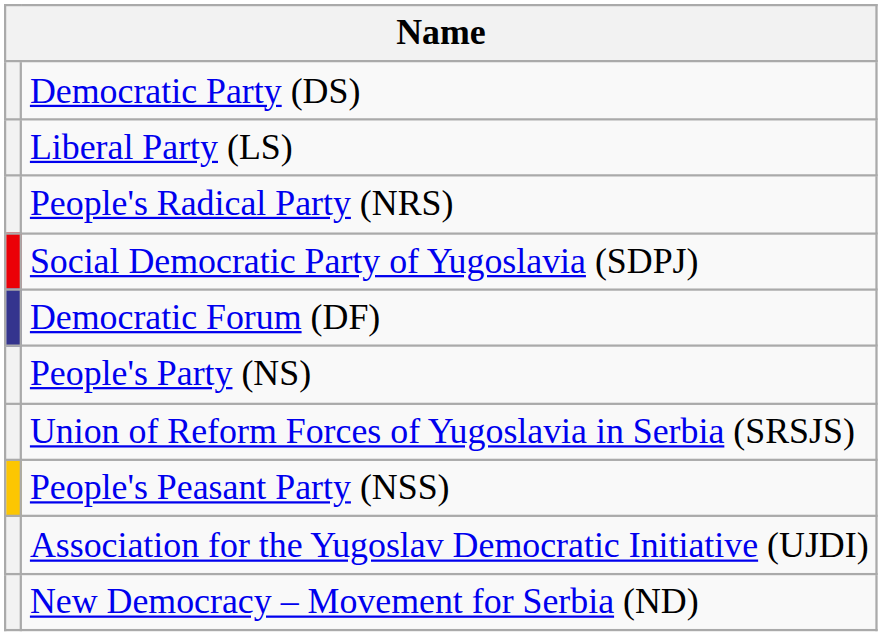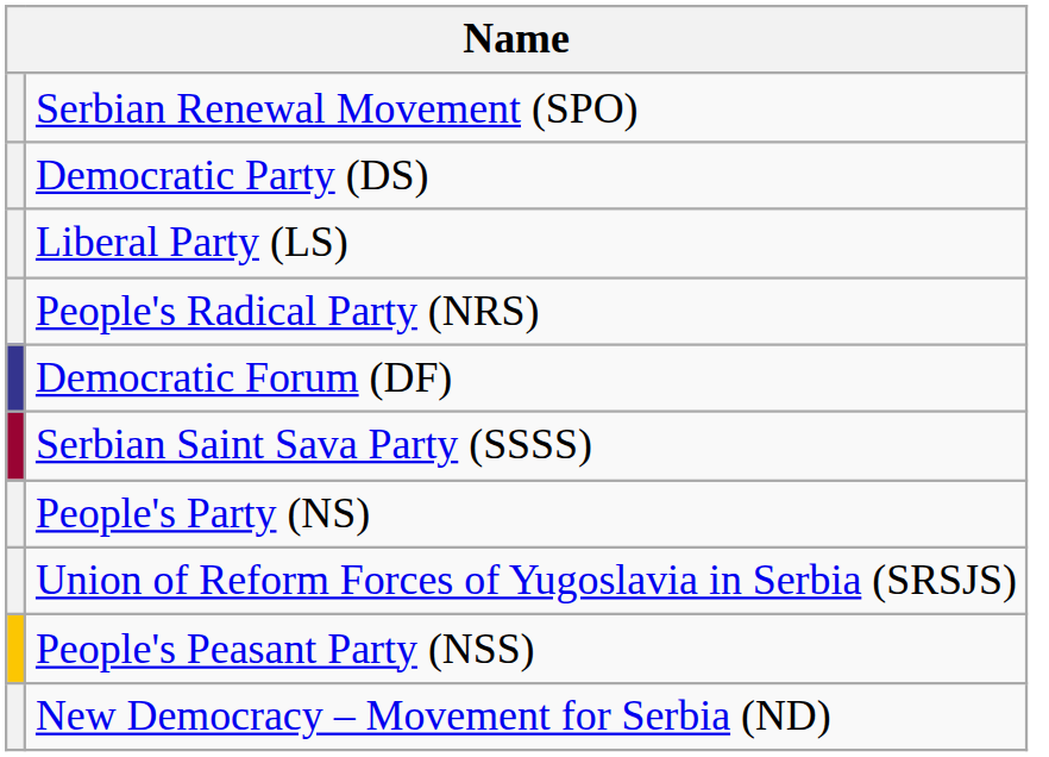 <table class="wikitable" style="text-align">
 <tr>
 <th colspan="2">Name</th>
+</tr>
+<tr>
+<th style="background-color:"></th>
+<td><a href='#'>Serbian Renewal Movement</a> (SPO)</td>
 </tr>
 <tr>
 <th style="background-color:"></th>
 <td><a href='#'>Democratic Party</a> (DS)</td>
 </tr>
 <tr>
 <th style="background-color:"></th>
 <td><a href='#'>Liberal Party</a> (LS)</td>
 </tr>
 <tr>
 <th style="background-color:"></th>
 <td><a href='#'>People's Radical Party</a> (NRS)</td>
 </tr>
 <tr>
-<th style="background-color:#EB0007"></th>
-<td><a href='#'>Social Democratic Party of Yugoslavia</a> (SDPJ)</td>
+<th style="background-color:#34348E"></th>
+<td><a href='#'>Democratic Forum</a> (DF)</td>
 </tr>
 <tr>
-<th style="background-color:#34348E"></th>
-<td><a href='#'>Democratic Forum</a> (DF)</td>
+<th style="background-color:#990333"></th>
+<td><a href='#'>Serbian Saint Sava Party</a> (SSSS)</td>
 </tr>
 <tr>
 <th style="background-color:"></th>
 <td><a href='#'>People's Party</a> (NS)</td>
 </tr>
 <tr>
 <th style="background-color:"></th>
 <td><a href='#'>Union of Reform Forces of Yugoslavia in Serbia</a> (SRSJS)</td>
 </tr>
 <tr>
 <th style="background-color:#FCC602"></th>
 <td><a href='#'>People's Peasant Party</a> (NSS)</td>
 </tr>
 <tr>
 <th style="background-color:"></th>
-<td><a href='#'>Association for the Yugoslav Democratic Initiative</a> (UJDI)</td>
-</tr>
-<tr>
-<th style="background-color:"></th>
 <td><a href='#'>New Democracy – Movement for Serbia</a> (ND)</td>
 </tr>
 </table>
